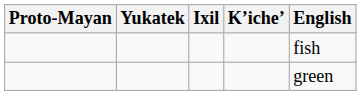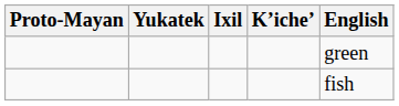 <table class="wikitable">
 <tr>
 <th>Proto-Mayan</th>
 <th>Yukatek</th>
 <th>Ixil</th>
 <th>Kʼicheʼ</th>
 <th>English</th>
 </tr>
 <tr>
 <td></td>
 <td></td>
 <td></td>
 <td></td>
-<td>fish</td>
+<td>green</td>
 </tr>
 <tr>
 <td></td>
 <td></td>
 <td></td>
 <td></td>
-<td>green</td>
+<td>fish</td>
 </tr>
 </table>
